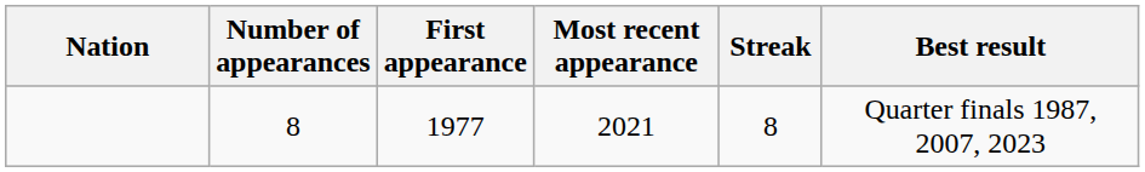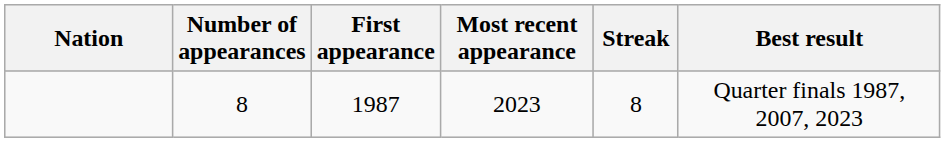 <table class="wikitable sortable" style="font-size:97%; text-align:center">
 <tr>
 <th width="130">Nation</th>
 <th width="60">Number of appearances</th>
 <th width="60">First appearance</th>
 <th width="100">Most recent appearance</th>
 <th width="50">Streak</th>
 <th width="220">Best result</th>
 </tr>
 <tr>
 <td align=left></td>
 <td>8</td>
-<td>1977</td>
-<td>2021</td>
+<td>1987</td>
+<td>2023</td>
 <td>8</td>
 <td>Quarter finals 1987, 2007, 2023</td>
 </tr>
 </table>
